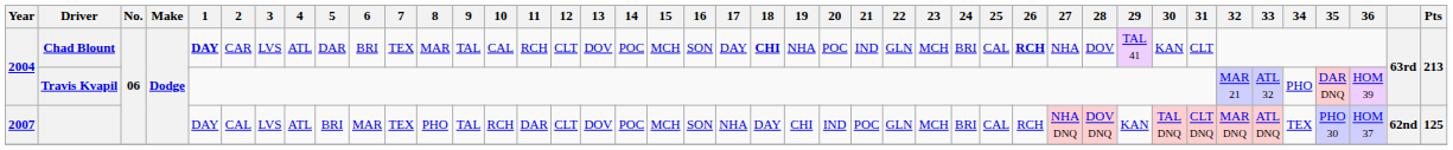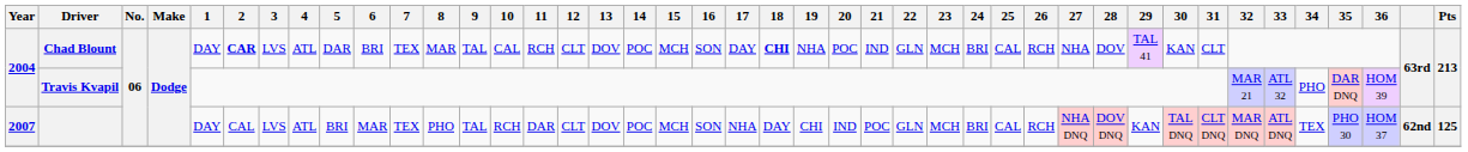 <table class="wikitable" style="text-align:center; font-size:75%">
 <tr>
 <th>Year</th>
 <th>Driver</th>
 <th>No.</th>
 <th>Make</th>
 <th>1</th>
 <th>2</th>
 <th>3</th>
 <th>4</th>
 <th>5</th>
 <th>6</th>
 <th>7</th>
 <th>8</th>
 <th>9</th>
 <th>10</th>
 <th>11</th>
 <th>12</th>
 <th>13</th>
 <th>14</th>
 <th>15</th>
 <th>16</th>
 <th>17</th>
 <th>18</th>
 <th>19</th>
 <th>20</th>
 <th>21</th>
 <th>22</th>
 <th>23</th>
 <th>24</th>
 <th>25</th>
 <th>26</th>
 <th>27</th>
 <th>28</th>
 <th>29</th>
 <th>30</th>
 <th>31</th>
 <th>32</th>
 <th>33</th>
 <th>34</th>
 <th>35</th>
 <th>36</th>
 <th></th>
 <th>Pts</th>
 </tr>
 <tr>
 <th rowspan=2><a href='#'>2004</a></th>
 <th><a href='#'>Chad Blount</a></th>
 <th rowspan=3>06</th>
 <th rowspan=3><a href='#'>Dodge</a></th>
-<td><strong><a href='#'>DAY</a></strong></td>
-<td><a href='#'>CAR</a></td>
+<td><a href='#'>DAY</a></td>
+<td><strong><a href='#'>CAR</a></strong></td>
 <td><a href='#'>LVS</a></td>
 <td><a href='#'>ATL</a></td>
 <td><a href='#'>DAR</a></td>
 <td><a href='#'>BRI</a></td>
 <td><a href='#'>TEX</a></td>
 <td><a href='#'>MAR</a></td>
 <td><a href='#'>TAL</a></td>
 <td><a href='#'>CAL</a></td>
 <td><a href='#'>RCH</a></td>
 <td><a href='#'>CLT</a></td>
 <td><a href='#'>DOV</a></td>
 <td><a href='#'>POC</a></td>
 <td><a href='#'>MCH</a></td>
 <td><a href='#'>SON</a></td>
 <td><a href='#'>DAY</a></td>
 <td><strong><a href='#'>CHI</a></strong></td>
 <td><a href='#'>NHA</a></td>
 <td><a href='#'>POC</a></td>
 <td><a href='#'>IND</a></td>
 <td><a href='#'>GLN</a></td>
 <td><a href='#'>MCH</a></td>
 <td><a href='#'>BRI</a></td>
 <td><a href='#'>CAL</a></td>
-<td><strong><a href='#'>RCH</a></strong></td>
+<td><a href='#'>RCH</a></td>
 <td><a href='#'>NHA</a></td>
 <td><a href='#'>DOV</a></td>
 <td style="background:#EFCFFF;"><a href='#'>TAL</a><br><small>41</small></td>
 <td><a href='#'>KAN</a></td>
 <td><a href='#'>CLT</a></td>
 <td colspan=5></td>
 <th rowspan=2>63rd</th>
 <th rowspan=2>213</th>
 </tr>
 <tr>
 <th><a href='#'>Travis Kvapil</a></th>
 <td colspan=31></td>
 <td style="background:#CFCFFF;"><a href='#'>MAR</a><br><small>21</small></td>
 <td style="background:#CFCFFF;"><a href='#'>ATL</a><br><small>32</small></td>
 <td><a href='#'>PHO</a></td>
 <td style="background:#FFCFCF;"><a href='#'>DAR</a><br><small>DNQ</small></td>
 <td style="background:#EFCFFF;"><a href='#'>HOM</a><br><small>39</small></td>
 </tr>
 <tr>
 <th><a href='#'>2007</a></th>
 <th></th>
 <td><a href='#'>DAY</a></td>
 <td><a href='#'>CAL</a></td>
 <td><a href='#'>LVS</a></td>
 <td><a href='#'>ATL</a></td>
 <td><a href='#'>BRI</a></td>
 <td><a href='#'>MAR</a></td>
 <td><a href='#'>TEX</a></td>
 <td><a href='#'>PHO</a></td>
 <td><a href='#'>TAL</a></td>
 <td><a href='#'>RCH</a></td>
 <td><a href='#'>DAR</a></td>
 <td><a href='#'>CLT</a></td>
 <td><a href='#'>DOV</a></td>
 <td><a href='#'>POC</a></td>
 <td><a href='#'>MCH</a></td>
 <td><a href='#'>SON</a></td>
 <td><a href='#'>NHA</a></td>
 <td><a href='#'>DAY</a></td>
 <td><a href='#'>CHI</a></td>
 <td><a href='#'>IND</a></td>
 <td><a href='#'>POC</a></td>
 <td><a href='#'>GLN</a></td>
 <td><a href='#'>MCH</a></td>
 <td><a href='#'>BRI</a></td>
 <td><a href='#'>CAL</a></td>
 <td><a href='#'>RCH</a></td>
 <td style="background:#FFCFCF;"><a href='#'>NHA</a><br><small>DNQ</small></td>
 <td style="background:#FFCFCF;"><a href='#'>DOV</a><br><small>DNQ</small></td>
 <td><a href='#'>KAN</a></td>
 <td style="background:#FFCFCF;"><a href='#'>TAL</a><br><small>DNQ</small></td>
 <td style="background:#FFCFCF;"><a href='#'>CLT</a><br><small>DNQ</small></td>
 <td style="background:#FFCFCF;"><a href='#'>MAR</a><br><small>DNQ</small></td>
 <td style="background:#FFCFCF;"><a href='#'>ATL</a><br><small>DNQ</small></td>
 <td><a href='#'>TEX</a></td>
 <td style="background:#CFCFFF;"><a href='#'>PHO</a><br><small>30</small></td>
 <td style="background:#CFCFFF;"><a href='#'>HOM</a><br><small>37</small></td>
 <th>62nd</th>
 <th>125</th>
 </tr>
 <tr>
 </tr>
 </table>
